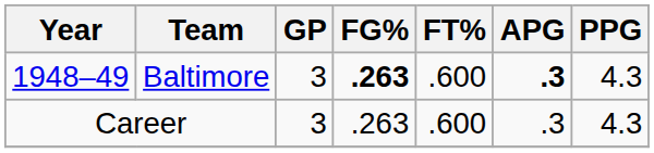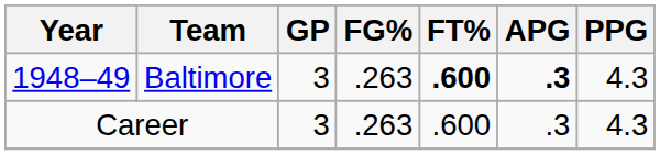 <table class="wikitable sortable" style="font-size:95%; text-align:right;">
 <tr>
 <th>Year</th>
 <th>Team</th>
 <th>GP</th>
 <th>FG%</th>
 <th>FT%</th>
 <th>APG</th>
 <th>PPG</th>
 </tr>
 <tr>
 <td style="text-align:left;"><a href='#'>1948–49</a></td>
 <td style="text-align:left;"><a href='#'>Baltimore</a></td>
 <td>3</td>
-<td><strong>.263</strong></td>
-<td>.600</td>
+<td>.263</td>
+<td><strong>.600</strong></td>
 <td><strong>.3</strong></td>
 <td>4.3</td>
 </tr>
 <tr>
 <td style="text-align:center;" colspan="2">Career</td>
 <td>3</td>
 <td>.263</td>
 <td>.600</td>
 <td>.3</td>
 <td>4.3</td>
 </tr>
 <tr>
 </tr>
 </table>
